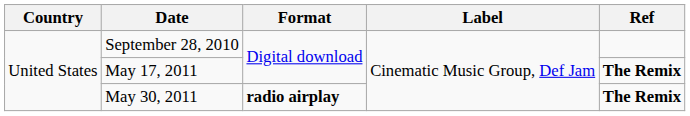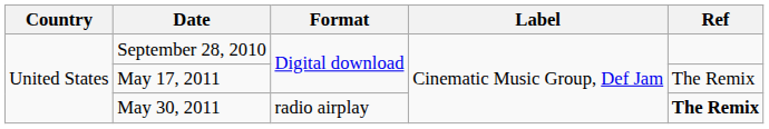 <table class="wikitable">
 <tr>
 <th>Country</th>
 <th>Date</th>
 <th>Format</th>
 <th>Label</th>
 <th>Ref</th>
 </tr>
 <tr>
 <td rowspan="3">United States</td>
 <td>September 28, 2010</td>
 <td rowspan="2"><a href='#'>Digital download</a></td>
 <td rowspan="3">Cinematic Music Group, <a href='#'>Def Jam</a></td>
 <td></td>
 </tr>
 <tr>
 <td>May 17, 2011</td>
-<td><strong>The Remix</strong></td>
+<td>The Remix</td>
 </tr>
 <tr>
 <td>May 30, 2011</td>
-<td><strong>radio airplay</strong></td>
+<td>radio airplay</td>
 <td><strong>The Remix</strong></td>
 </tr>
 </table>
